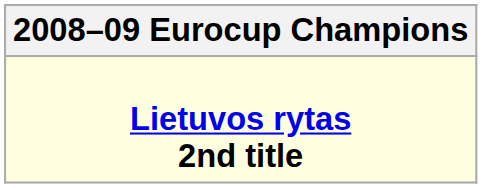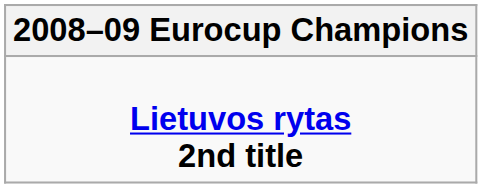 <table class=wikitable style="text-align:center; margin:auto">
 <tr>
 <th>2008–09 Eurocup Champions</th>
 </tr>
 <tr>
-<td style="background: lightyellow;"> <br> <strong><a href='#'>Lietuvos rytas</a></strong> <br> <strong>2nd title</strong></td>
+<td> <br> <strong><a href='#'>Lietuvos rytas</a></strong> <br> <strong>2nd title</strong></td>
 </tr>
 </table>
